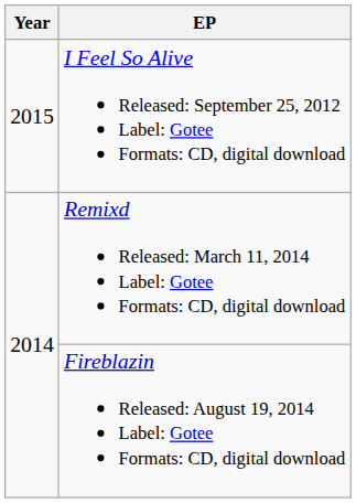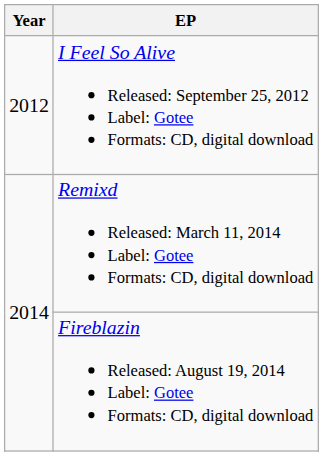 <table class="wikitable">
 <tr>
 <th><small>Year</small></th>
 <th><small>EP</small></th>
 </tr>
 <tr>
-<td>2015</td>
+<td>2012</td>
 <td><em><a href='#'>I Feel So Alive</a></em><br><ul><li><small>Released: September 25, 2012</small></li><li><small>Label: <a href='#'>Gotee</a></small></li><li><small>Formats: CD, digital download</small></li></ul></td>
 </tr>
 <tr>
 <td rowspan="2">2014</td>
 <td><em><a href='#'>Remixd</a></em><br><ul><li><small>Released: March 11, 2014</small></li><li><small>Label: <a href='#'>Gotee</a></small></li><li><small>Formats: CD, digital download</small></li></ul></td>
 </tr>
 <tr>
 <td><em><a href='#'>Fireblazin</a></em><br><ul><li><small>Released: August 19, 2014</small></li><li><small>Label: <a href='#'>Gotee</a></small></li><li><small>Formats: CD, digital download</small></li></ul></td>
 </tr>
 </table>
